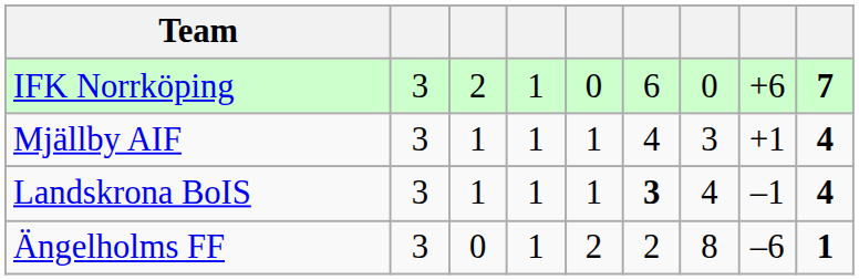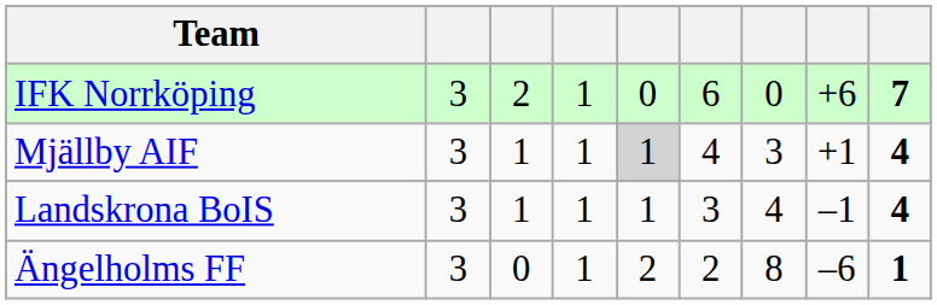 <table class="wikitable" style="text-align: center;">
 <tr>
 <th width="175">Team</th>
 <th width="20"></th>
 <th width="20"></th>
 <th width="20"></th>
 <th width="20"></th>
 <th width="20"></th>
 <th width="20"></th>
 <th width="20"></th>
 <th width="20"></th>
 </tr>
 <tr bgcolor="#ccffcc">
 <td align=left><a href='#'>IFK Norrköping</a></td>
 <td>3</td>
 <td>2</td>
 <td>1</td>
 <td>0</td>
 <td>6</td>
 <td>0</td>
 <td>+6</td>
 <td><strong>7</strong></td>
 </tr>
 <tr>
 <td align=left><a href='#'>Mjällby AIF</a></td>
 <td>3</td>
 <td>1</td>
 <td>1</td>
-<td>1</td>
+<td style="background: lightgrey;">1</td>
 <td>4</td>
 <td>3</td>
 <td>+1</td>
 <td><strong>4</strong></td>
 </tr>
 <tr>
 <td align=left><a href='#'>Landskrona BoIS</a></td>
 <td>3</td>
 <td>1</td>
 <td>1</td>
 <td>1</td>
-<td><strong>3</strong></td>
+<td>3</td>
 <td>4</td>
 <td>–1</td>
 <td><strong>4</strong></td>
 </tr>
 <tr>
 <td align=left><a href='#'>Ängelholms FF</a></td>
 <td>3</td>
 <td>0</td>
 <td>1</td>
 <td>2</td>
 <td>2</td>
 <td>8</td>
 <td>–6</td>
 <td><strong>1</strong></td>
 </tr>
 </table>
